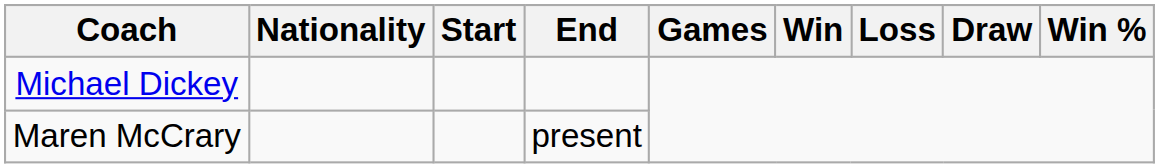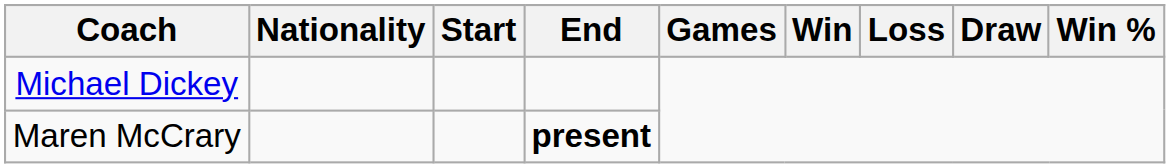 <table class="wikitable" style="text-align:center; margin-left: lem;">
 <tr>
 <th>Coach</th>
 <th>Nationality</th>
 <th>Start</th>
 <th>End</th>
 <th>Games</th>
 <th><strong>Win</strong></th>
 <th>Loss</th>
 <th>Draw</th>
 <th>Win %</th>
 </tr>
 <tr>
 <td><a href='#'>Michael Dickey</a></td>
 <td></td>
 <td></td>
 <td><br></td>
 </tr>
 <tr>
 <td>Maren McCrary</td>
 <td></td>
 <td></td>
-<td>present<br></td>
+<td><strong>present<br></strong></td>
 </tr>
 </table>
